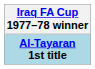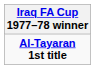 <table class="wikitable" style="text-align: center; margin: 0 auto;">
 <tr>
 <th><a href='#'>Iraq FA Cup</a><br>1977–78 winner</th>
 </tr>
 <tr>
-<td style="background: lightblue;"><strong><a href='#'>Al-Tayaran</a></strong><br><strong>1st title</strong></td>
+<td><strong><a href='#'>Al-Tayaran</a></strong><br><strong>1st title</strong></td>
 </tr>
 </table>
